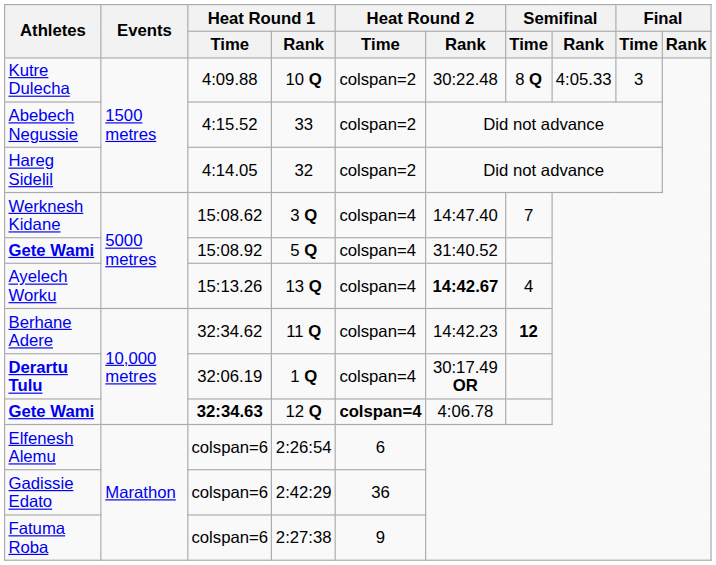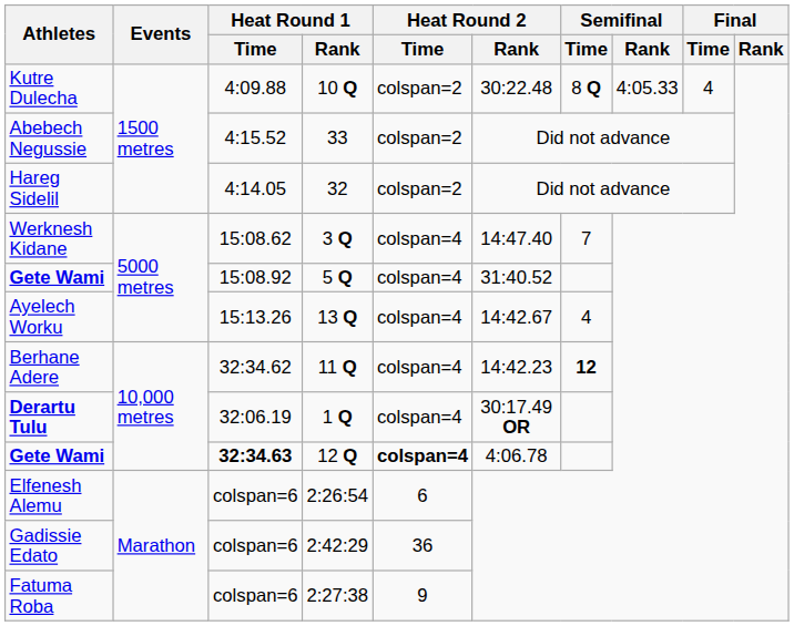 <table class=wikitable style=font-size:90%>
 <tr>
 <th rowspan=2>Athletes</th>
 <th rowspan=2>Events</th>
 <th colspan=2>Heat Round 1</th>
 <th colspan=2>Heat Round 2</th>
 <th colspan=2>Semifinal</th>
 <th colspan=2>Final</th>
 </tr>
 <tr>
 <th>Time</th>
 <th>Rank</th>
 <th>Time</th>
 <th>Rank</th>
 <th>Time</th>
 <th>Rank</th>
 <th>Time</th>
 <th>Rank</th>
 </tr>
 <tr>
 <td><a href='#'>Kutre Dulecha</a></td>
 <td rowspan=3><a href='#'>1500 metres</a></td>
 <td align=center>4:09.88</td>
 <td align=center>10 <strong>Q</strong></td>
 <td>colspan=2</td>
 <td align=center>30:22.48</td>
 <td align=center>8 <strong>Q</strong></td>
 <td align=center>4:05.33</td>
-<td align=center>3</td>
+<td align=center>4</td>
 </tr>
 <tr>
 <td><a href='#'>Abebech Negussie</a></td>
 <td align=center>4:15.52</td>
 <td align=center>33</td>
 <td>colspan=2</td>
 <td align=center colspan=4>Did not advance</td>
 </tr>
 <tr>
 <td><a href='#'>Hareg Sidelil</a></td>
 <td align=center>4:14.05</td>
 <td align=center>32</td>
 <td>colspan=2</td>
 <td align=center colspan=4>Did not advance</td>
 </tr>
 <tr>
 <td><a href='#'>Werknesh Kidane</a></td>
 <td rowspan=3><a href='#'>5000 metres</a></td>
 <td align=center>15:08.62</td>
 <td align=center>3 <strong>Q</strong></td>
 <td>colspan=4</td>
 <td align=center>14:47.40</td>
 <td align=center>7</td>
 </tr>
 <tr>
 <td><strong><a href='#'>Gete Wami</a></strong></td>
 <td align=center>15:08.92</td>
 <td align=center>5 <strong>Q</strong></td>
 <td>colspan=4</td>
 <td align=center>31:40.52</td>
 <td align=center></td>
 </tr>
 <tr>
 <td><a href='#'>Ayelech Worku</a></td>
 <td align=center>15:13.26</td>
 <td align=center>13 <strong>Q</strong></td>
 <td>colspan=4</td>
-<td align=center><strong>14:42.67</strong></td>
+<td align=center>14:42.67</td>
 <td align=center>4</td>
 </tr>
 <tr>
 <td><a href='#'>Berhane Adere</a></td>
 <td rowspan=3><a href='#'>10,000 metres</a></td>
 <td align=center>32:34.62</td>
 <td align=center>11 <strong>Q</strong></td>
 <td>colspan=4</td>
 <td align=center>14:42.23</td>
 <td align=center><strong>12</strong></td>
 </tr>
 <tr>
 <td><strong><a href='#'>Derartu Tulu</a></strong></td>
 <td align=center>32:06.19</td>
 <td align=center>1 <strong>Q</strong></td>
 <td>colspan=4</td>
 <td align=center>30:17.49 <strong>OR</strong></td>
 <td align=center></td>
 </tr>
 <tr>
 <td><strong><a href='#'>Gete Wami</a></strong></td>
 <td align=center><strong>32:34.63</strong></td>
 <td align=center>12 <strong>Q</strong></td>
 <td><strong>colspan=4</strong></td>
 <td align=center>4:06.78</td>
 <td align=center></td>
 </tr>
 <tr>
 <td><a href='#'>Elfenesh Alemu</a></td>
 <td rowspan=3><a href='#'>Marathon</a></td>
 <td>colspan=6</td>
 <td align=center>2:26:54</td>
 <td align=center>6</td>
 </tr>
 <tr>
 <td><a href='#'>Gadissie Edato</a></td>
 <td>colspan=6</td>
 <td align=center>2:42:29</td>
 <td align=center>36</td>
 </tr>
 <tr>
 <td><a href='#'>Fatuma Roba</a></td>
 <td>colspan=6</td>
 <td align=center>2:27:38</td>
 <td align=center>9</td>
 </tr>
 </table>
